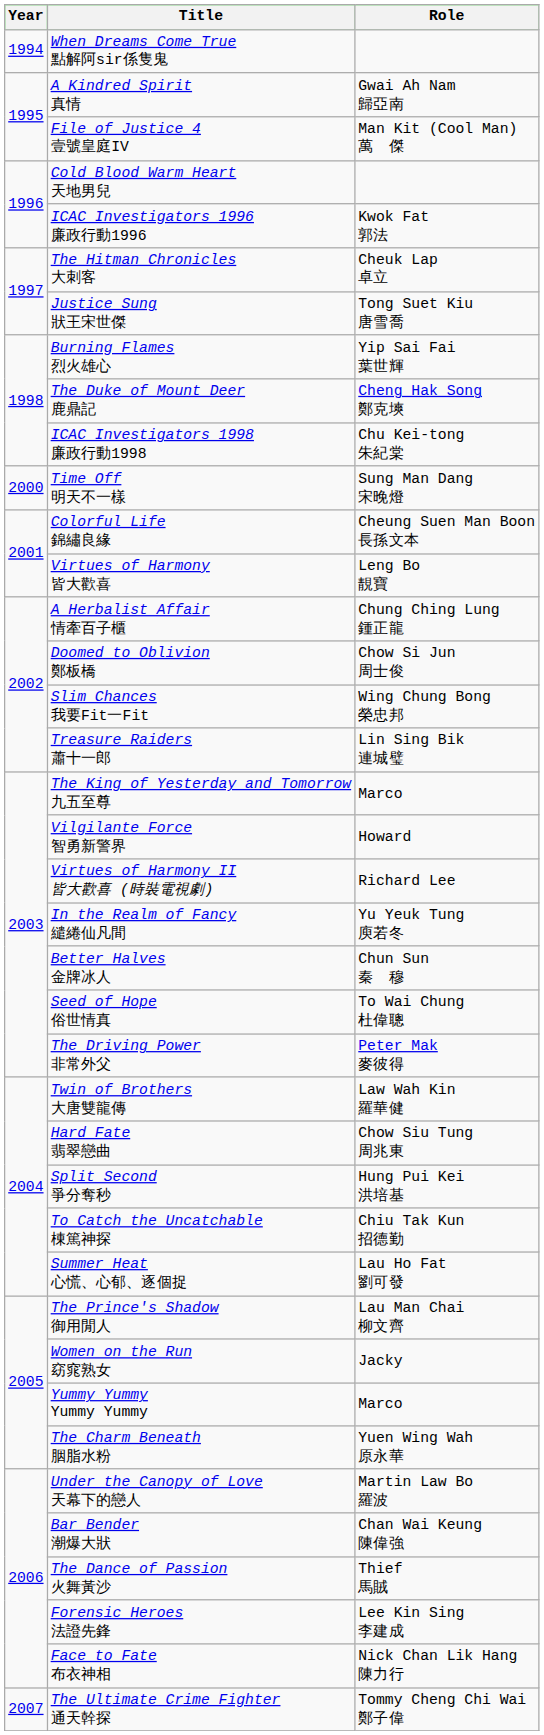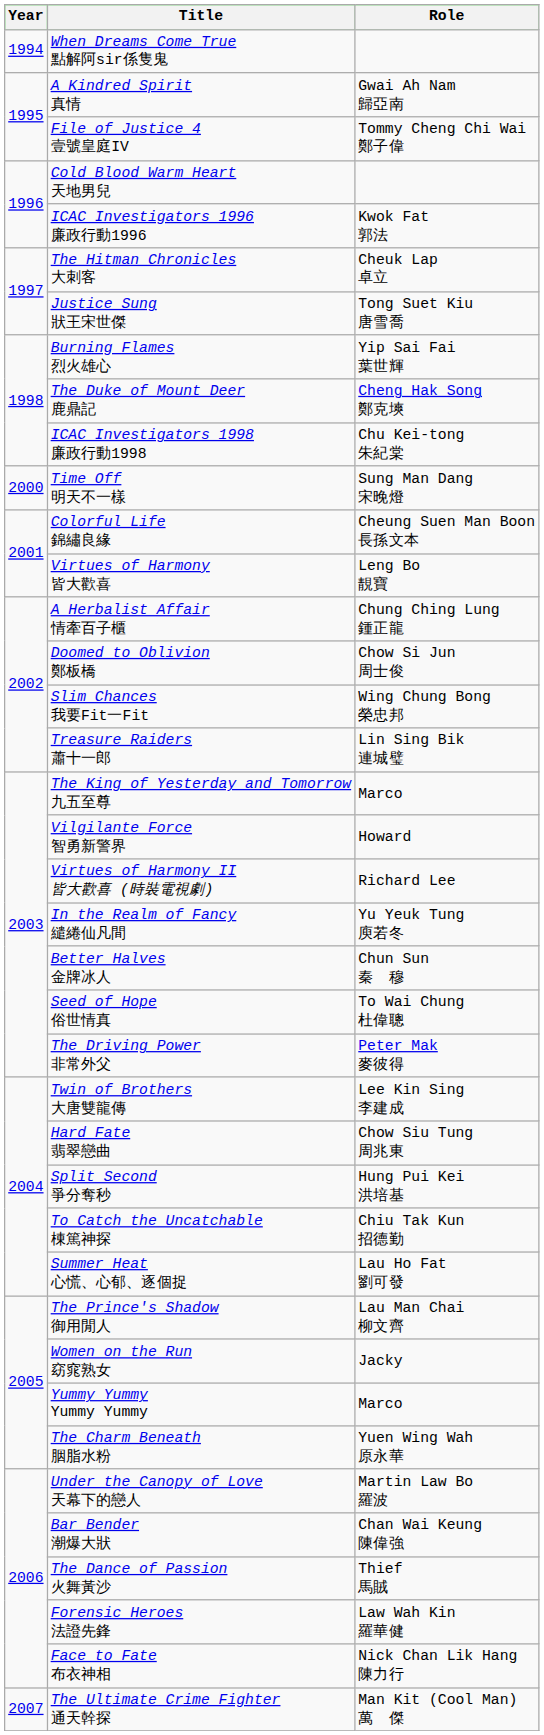 <table class="wikitable" style="font-size: 90%;">
 <tr bgcolor="#00FF00">
 <th>Year</th>
 <th>Title</th>
 <th>Role</th>
 </tr>
 <tr>
 <td><a href='#'>1994</a></td>
 <td><em><a href='#'>When Dreams Come True</a></em><br>點解阿sir係隻鬼</td>
 <td></td>
 </tr>
 <tr>
 <td rowspan="2"><a href='#'>1995</a></td>
 <td><em><a href='#'>A Kindred Spirit</a></em><br>真情</td>
 <td>Gwai Ah Nam<br>歸亞南</td>
 </tr>
 <tr>
 <td><em><a href='#'>File of Justice 4</a></em><br>壹號皇庭IV</td>
-<td>Man Kit (Cool Man)<br>萬　傑</td>
+<td>Tommy Cheng Chi Wai<br>鄭子偉</td>
 </tr>
 <tr>
 <td rowspan="2"><a href='#'>1996</a></td>
 <td><em><a href='#'>Cold Blood Warm Heart</a></em><br>天地男兒</td>
 <td></td>
 </tr>
 <tr>
 <td><em><a href='#'>ICAC Investigators 1996</a></em><br>廉政行動1996</td>
 <td>Kwok Fat<br>郭法</td>
 </tr>
 <tr>
 <td rowspan="2"><a href='#'>1997</a></td>
 <td><em><a href='#'>The Hitman Chronicles</a></em><br>大刺客</td>
 <td>Cheuk Lap<br>卓立</td>
 </tr>
 <tr>
 <td><em><a href='#'>Justice Sung</a></em><br>狀王宋世傑</td>
 <td>Tong Suet Kiu<br>唐雪喬</td>
 </tr>
 <tr>
 <td rowspan="3"><a href='#'>1998</a></td>
 <td><em><a href='#'>Burning Flames</a></em><br>烈火雄心</td>
 <td>Yip Sai Fai<br>葉世輝</td>
 </tr>
 <tr>
 <td><em><a href='#'>The Duke of Mount Deer</a></em><br>鹿鼎記</td>
 <td><a href='#'>Cheng Hak Song</a><br>鄭克塽</td>
 </tr>
 <tr>
 <td><em><a href='#'>ICAC Investigators 1998</a></em><br>廉政行動1998</td>
 <td>Chu Kei-tong<br>朱紀棠</td>
 </tr>
 <tr>
 <td><a href='#'>2000</a></td>
 <td><em><a href='#'>Time Off</a></em><br>明天不一樣</td>
 <td>Sung Man Dang<br>宋晚燈</td>
 </tr>
 <tr>
 <td rowspan="2"><a href='#'>2001</a></td>
 <td><em><a href='#'>Colorful Life</a></em><br>錦繡良緣</td>
 <td>Cheung Suen Man Boon<br>長孫文本</td>
 </tr>
 <tr>
 <td><em><a href='#'>Virtues of Harmony</a></em><br>皆大歡喜</td>
 <td>Leng Bo<br>靚寶</td>
 </tr>
 <tr>
 <td rowspan="4"><a href='#'>2002</a></td>
 <td><em><a href='#'>A Herbalist Affair</a></em><br>情牽百子櫃</td>
 <td>Chung Ching Lung<br>鍾正龍</td>
 </tr>
 <tr>
 <td><em><a href='#'>Doomed to Oblivion</a></em><br>鄭板橋</td>
 <td>Chow Si Jun<br>周士俊</td>
 </tr>
 <tr>
 <td><em><a href='#'>Slim Chances</a></em><br>我要Fit一Fit</td>
 <td>Wing Chung Bong<br>榮忠邦</td>
 </tr>
 <tr>
 <td><em><a href='#'>Treasure Raiders</a></em><br>蕭十一郎</td>
 <td>Lin Sing Bik<br>連城璧</td>
 </tr>
 <tr>
 <td rowspan="7"><a href='#'>2003</a></td>
 <td><em><a href='#'>The King of Yesterday and Tomorrow</a></em><br>九五至尊</td>
 <td>Marco</td>
 </tr>
 <tr>
 <td><em><a href='#'>Vilgilante Force</a></em><br>智勇新警界</td>
 <td>Howard</td>
 </tr>
 <tr>
 <td><em><a href='#'>Virtues of Harmony II</a><br>皆大歡喜 (時裝電視劇)</em></td>
 <td>Richard Lee</td>
 </tr>
 <tr>
 <td><em><a href='#'>In the Realm of Fancy</a></em><br>繾綣仙凡間</td>
 <td>Yu Yeuk Tung<br>庾若冬</td>
 </tr>
 <tr>
 <td><em><a href='#'>Better Halves</a></em><br>金牌冰人</td>
 <td>Chun Sun<br>秦　穆</td>
 </tr>
 <tr>
 <td><em><a href='#'>Seed of Hope</a></em><br>俗世情真</td>
 <td>To Wai Chung<br>杜偉聰</td>
 </tr>
 <tr>
 <td><em><a href='#'>The Driving Power</a></em><br>非常外父</td>
 <td><a href='#'>Peter Mak</a><br>麥彼得</td>
 </tr>
 <tr>
 <td rowspan="5"><a href='#'>2004</a></td>
 <td><em><a href='#'>Twin of Brothers</a></em><br>大唐雙龍傳</td>
-<td>Law Wah Kin<br>羅華健</td>
+<td>Lee Kin Sing<br>李建成</td>
 </tr>
 <tr>
 <td><em><a href='#'>Hard Fate</a></em><br>翡翠戀曲</td>
 <td>Chow Siu Tung<br>周兆東</td>
 </tr>
 <tr>
 <td><em><a href='#'>Split Second</a></em><br>爭分奪秒</td>
 <td>Hung Pui Kei<br>洪培基</td>
 </tr>
 <tr>
 <td><em><a href='#'>To Catch the Uncatchable</a></em><br>棟篤神探</td>
 <td>Chiu Tak Kun<br>招德勤</td>
 </tr>
 <tr>
 <td><em><a href='#'>Summer Heat</a></em><br>心慌、心郁、逐個捉</td>
 <td>Lau Ho Fat<br>劉可發</td>
 </tr>
 <tr>
 <td rowspan="4"><a href='#'>2005</a></td>
 <td><em><a href='#'>The Prince's Shadow</a></em><br>御用閒人</td>
 <td>Lau Man Chai<br>柳文齊</td>
 </tr>
 <tr>
 <td><em><a href='#'>Women on the Run</a></em><br>窈窕熟女</td>
 <td>Jacky</td>
 </tr>
 <tr>
 <td><em><a href='#'>Yummy Yummy</a></em><br>Yummy Yummy</td>
 <td>Marco</td>
 </tr>
 <tr>
 <td><em><a href='#'>The Charm Beneath</a></em><br>胭脂水粉</td>
 <td>Yuen Wing Wah<br>原永華</td>
 </tr>
 <tr>
 <td rowspan="5"><a href='#'>2006</a></td>
 <td><em><a href='#'>Under the Canopy of Love</a></em><br>天幕下的戀人</td>
 <td>Martin Law Bo<br>羅波</td>
 </tr>
 <tr>
 <td><em><a href='#'>Bar Bender</a></em><br>潮爆大狀</td>
 <td>Chan Wai Keung<br>陳偉強</td>
 </tr>
 <tr>
 <td><em><a href='#'>The Dance of Passion</a></em><br>火舞黃沙</td>
 <td>Thief<br>馬賊</td>
 </tr>
 <tr>
 <td><em><a href='#'>Forensic Heroes</a></em><br>法證先鋒</td>
-<td>Lee Kin Sing<br>李建成</td>
+<td>Law Wah Kin<br>羅華健</td>
 </tr>
 <tr>
 <td><em><a href='#'>Face to Fate</a></em><br>布衣神相</td>
 <td>Nick Chan Lik Hang<br>陳力行</td>
 </tr>
 <tr>
 <td><a href='#'>2007</a></td>
 <td><em><a href='#'>The Ultimate Crime Fighter</a></em><br>通天幹探</td>
-<td>Tommy Cheng Chi Wai<br>鄭子偉</td>
+<td>Man Kit (Cool Man)<br>萬　傑</td>
 </tr>
 </table>
